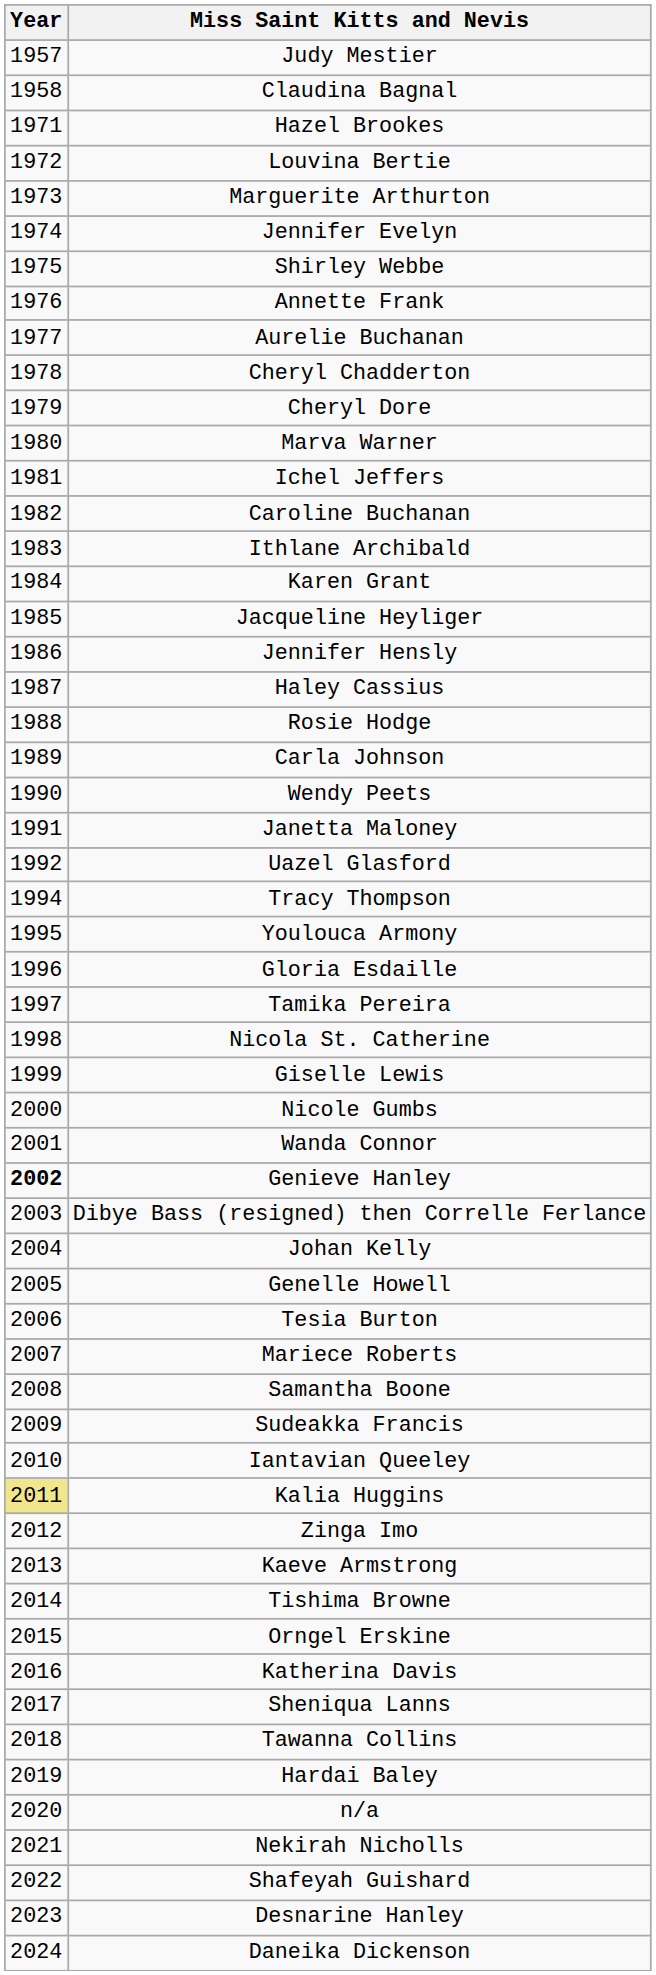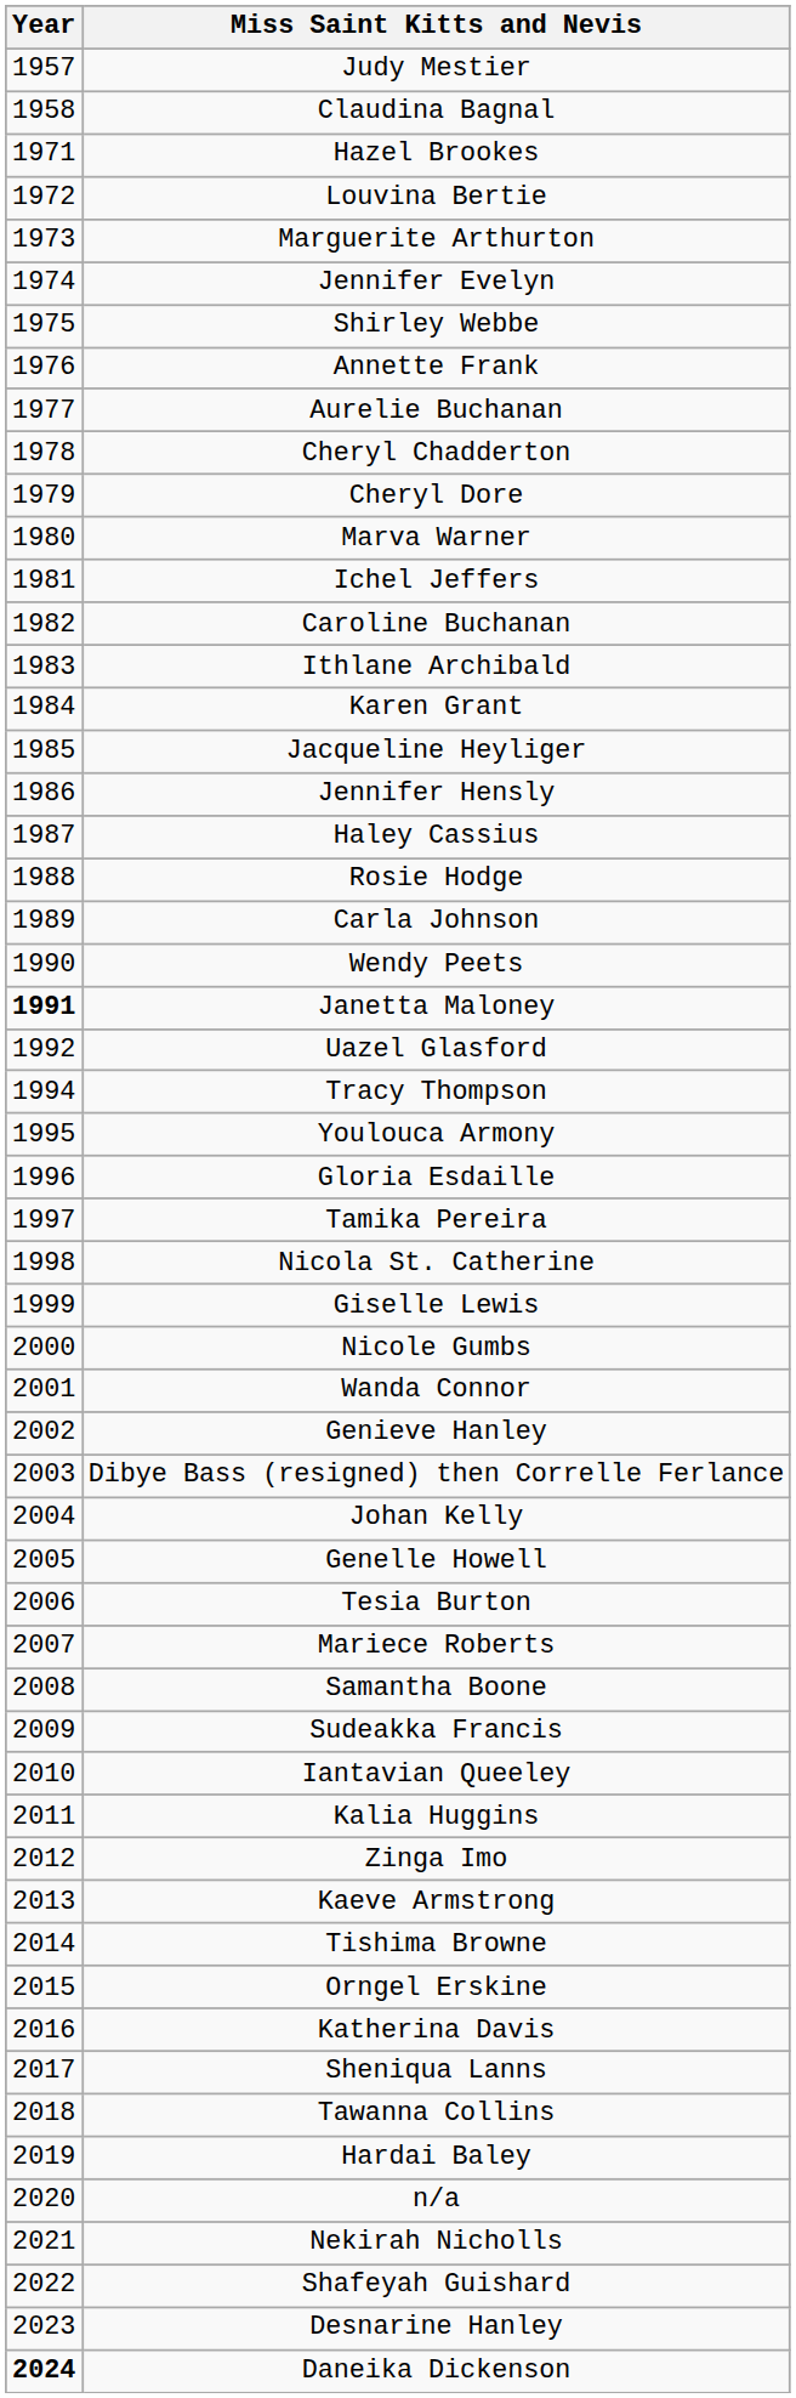 <table class="wikitable sortable" style="font-size: 95%; text-align:center">
 <tr>
 <th>Year</th>
 <th>Miss Saint Kitts and Nevis</th>
 </tr>
 <tr>
 <td>1957</td>
 <td>Judy Mestier</td>
 </tr>
 <tr>
 <td>1958</td>
 <td>Claudina Bagnal</td>
 </tr>
 <tr>
 <td>1971</td>
 <td>Hazel Brookes</td>
 </tr>
 <tr>
 <td>1972</td>
 <td>Louvina Bertie</td>
 </tr>
 <tr>
 <td>1973</td>
 <td>Marguerite Arthurton</td>
 </tr>
 <tr>
 <td>1974</td>
 <td>Jennifer Evelyn</td>
 </tr>
 <tr>
 <td>1975</td>
 <td>Shirley Webbe</td>
 </tr>
 <tr>
 <td>1976</td>
 <td>Annette Frank</td>
 </tr>
 <tr>
 <td>1977</td>
 <td>Aurelie Buchanan</td>
 </tr>
 <tr>
 <td>1978</td>
 <td>Cheryl Chadderton</td>
 </tr>
 <tr>
 <td>1979</td>
 <td>Cheryl Dore</td>
 </tr>
 <tr>
 <td>1980</td>
 <td>Marva Warner</td>
 </tr>
 <tr>
 <td>1981</td>
 <td>Ichel Jeffers</td>
 </tr>
 <tr>
 <td>1982</td>
 <td>Caroline Buchanan</td>
 </tr>
 <tr>
 <td>1983</td>
 <td>Ithlane Archibald</td>
 </tr>
 <tr>
 <td>1984</td>
 <td>Karen Grant</td>
 </tr>
 <tr>
 <td>1985</td>
 <td>Jacqueline Heyliger</td>
 </tr>
 <tr>
 <td>1986</td>
 <td>Jennifer Hensly</td>
 </tr>
 <tr>
 <td>1987</td>
 <td>Haley Cassius</td>
 </tr>
 <tr>
 <td>1988</td>
 <td>Rosie Hodge</td>
 </tr>
 <tr>
 <td>1989</td>
 <td>Carla Johnson</td>
 </tr>
 <tr>
 <td>1990</td>
 <td>Wendy Peets</td>
 </tr>
 <tr>
-<td>1991</td>
+<td><strong>1991</strong></td>
 <td>Janetta Maloney</td>
 </tr>
 <tr>
 <td>1992</td>
 <td>Uazel Glasford</td>
 </tr>
 <tr>
 <td>1994</td>
 <td>Tracy Thompson</td>
 </tr>
 <tr>
 <td>1995</td>
 <td>Youlouca Armony</td>
 </tr>
 <tr>
 <td>1996</td>
 <td>Gloria Esdaille</td>
 </tr>
 <tr>
 <td>1997</td>
 <td>Tamika Pereira</td>
 </tr>
 <tr>
 <td>1998</td>
 <td>Nicola St. Catherine</td>
 </tr>
 <tr>
 <td>1999</td>
 <td>Giselle Lewis</td>
 </tr>
 <tr>
 <td>2000</td>
 <td>Nicole Gumbs</td>
 </tr>
 <tr>
 <td>2001</td>
 <td>Wanda Connor</td>
 </tr>
 <tr>
-<td><strong>2002</strong></td>
+<td>2002</td>
 <td>Genieve Hanley</td>
 </tr>
 <tr>
 <td>2003</td>
 <td>Dibye Bass (resigned) then Correlle Ferlance</td>
 </tr>
 <tr>
 <td>2004</td>
 <td>Johan Kelly</td>
 </tr>
 <tr>
 <td>2005</td>
 <td>Genelle Howell</td>
 </tr>
 <tr>
 <td>2006</td>
 <td>Tesia Burton</td>
 </tr>
 <tr>
 <td>2007</td>
 <td>Mariece Roberts</td>
 </tr>
 <tr>
 <td>2008</td>
 <td>Samantha Boone</td>
 </tr>
 <tr>
 <td>2009</td>
 <td>Sudeakka Francis</td>
 </tr>
 <tr>
 <td>2010</td>
 <td>Iantavian Queeley</td>
 </tr>
 <tr>
-<td style="background: khaki;">2011</td>
+<td>2011</td>
 <td>Kalia Huggins</td>
 </tr>
 <tr>
 <td>2012</td>
 <td>Zinga Imo</td>
 </tr>
 <tr>
 <td>2013</td>
 <td>Kaeve Armstrong</td>
 </tr>
 <tr>
 <td>2014</td>
 <td>Tishima Browne</td>
 </tr>
 <tr>
 <td>2015</td>
 <td>Orngel Erskine</td>
 </tr>
 <tr>
 <td>2016</td>
 <td>Katherina Davis</td>
 </tr>
 <tr>
 <td>2017</td>
 <td>Sheniqua Lanns</td>
 </tr>
 <tr>
 <td>2018</td>
 <td>Tawanna Collins</td>
 </tr>
 <tr>
 <td>2019</td>
 <td>Hardai Baley</td>
 </tr>
 <tr>
 <td>2020</td>
 <td>n/a</td>
 </tr>
 <tr>
 <td>2021</td>
 <td>Nekirah Nicholls</td>
 </tr>
 <tr>
 <td>2022</td>
 <td>Shafeyah Guishard</td>
 </tr>
 <tr>
 <td>2023</td>
 <td>Desnarine Hanley</td>
 </tr>
 <tr>
-<td>2024</td>
+<td><strong>2024</strong></td>
 <td>Daneika Dickenson</td>
 </tr>
 </table>
